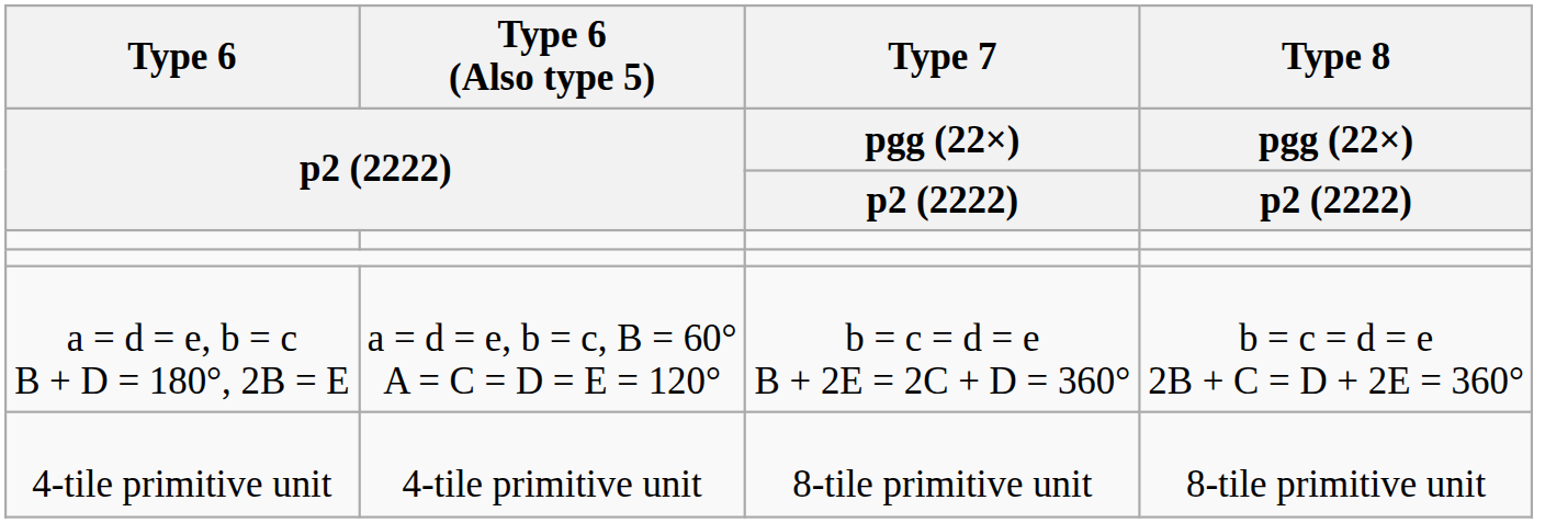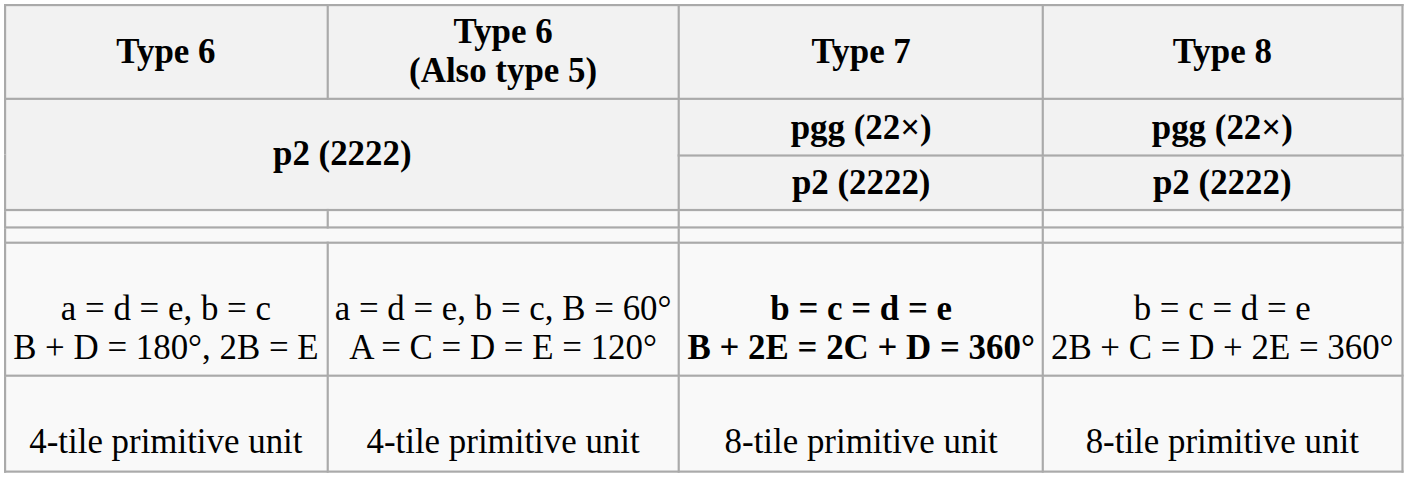 <table class=wikitable>
 <tr>
 <th>Type 6</th>
 <th>Type 6<br>(Also type 5)</th>
 <th>Type 7</th>
 <th>Type 8</th>
 </tr>
 <tr>
 <th colspan=2 rowspan=2>p2 (2222)</th>
 <th>pgg (22×)</th>
 <th>pgg (22×)</th>
 </tr>
 <tr>
 <th>p2 (2222)</th>
 <th>p2 (2222)</th>
 </tr>
 <tr align=center>
 <td></td>
 <td></td>
 <td></td>
 <td></td>
 </tr>
 <tr align=center>
 <td colspan=2></td>
 <td></td>
 <td colspan=2></td>
 </tr>
 <tr align=center>
 <td><br>a = d = e, b = c<br>B + D = 180°, 2B = E</td>
 <td><br>a = d = e, b = c, B = 60°<br>A = C = D = E = 120°</td>
-<td><br>b = c = d = e<br>B + 2E = 2C + D = 360°</td>
+<td><strong><br>b = c = d = e<br>B + 2E = 2C + D = 360°</strong></td>
 <td><br>b = c = d = e<br> 2B + C = D + 2E = 360°</td>
 </tr>
 <tr align=center>
 <td><br>4-tile primitive unit</td>
 <td><br>4-tile primitive unit</td>
 <td><br>8-tile primitive unit</td>
 <td><br>8-tile primitive unit</td>
 </tr>
 </table>
